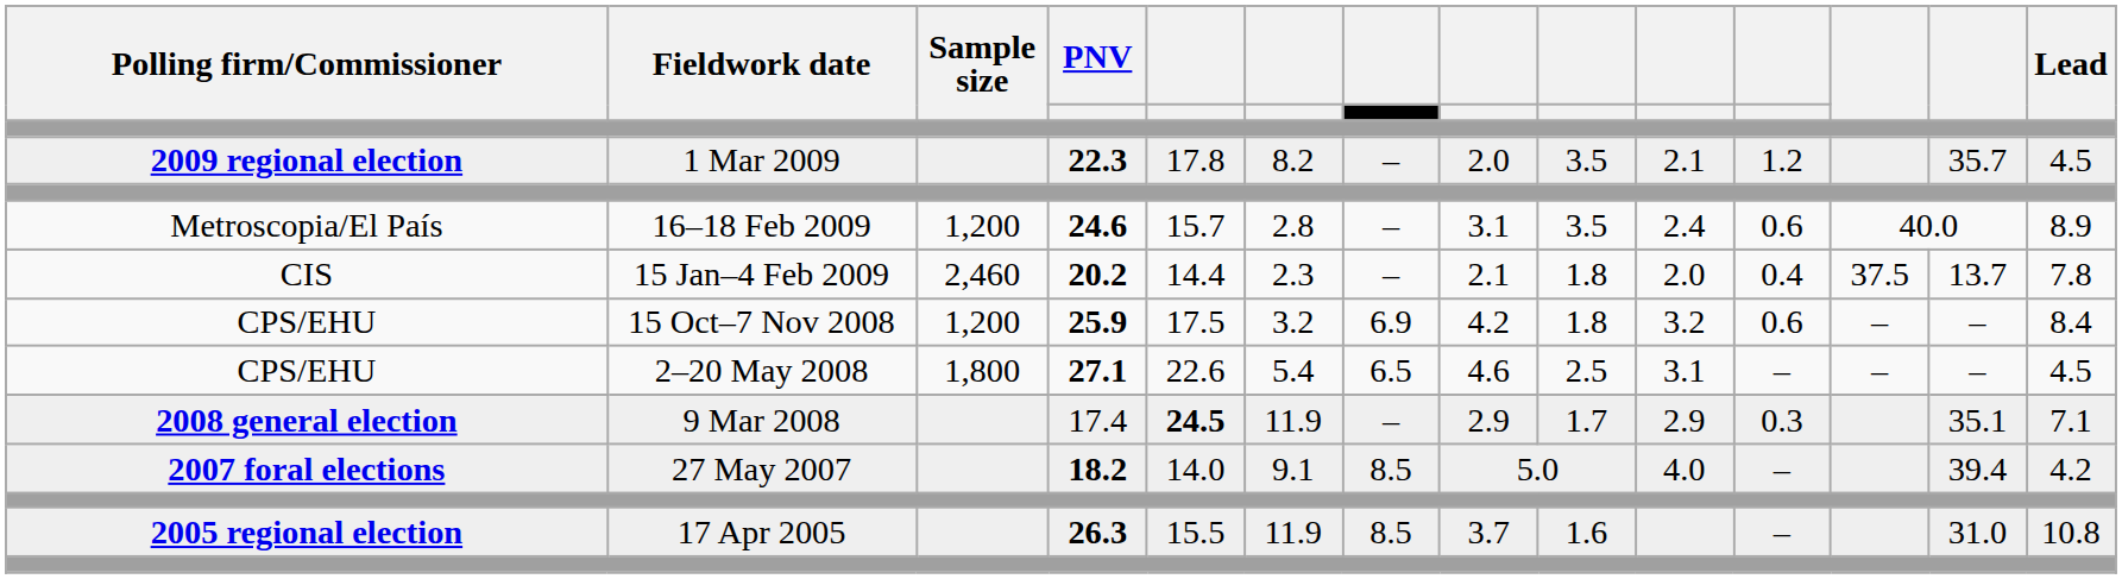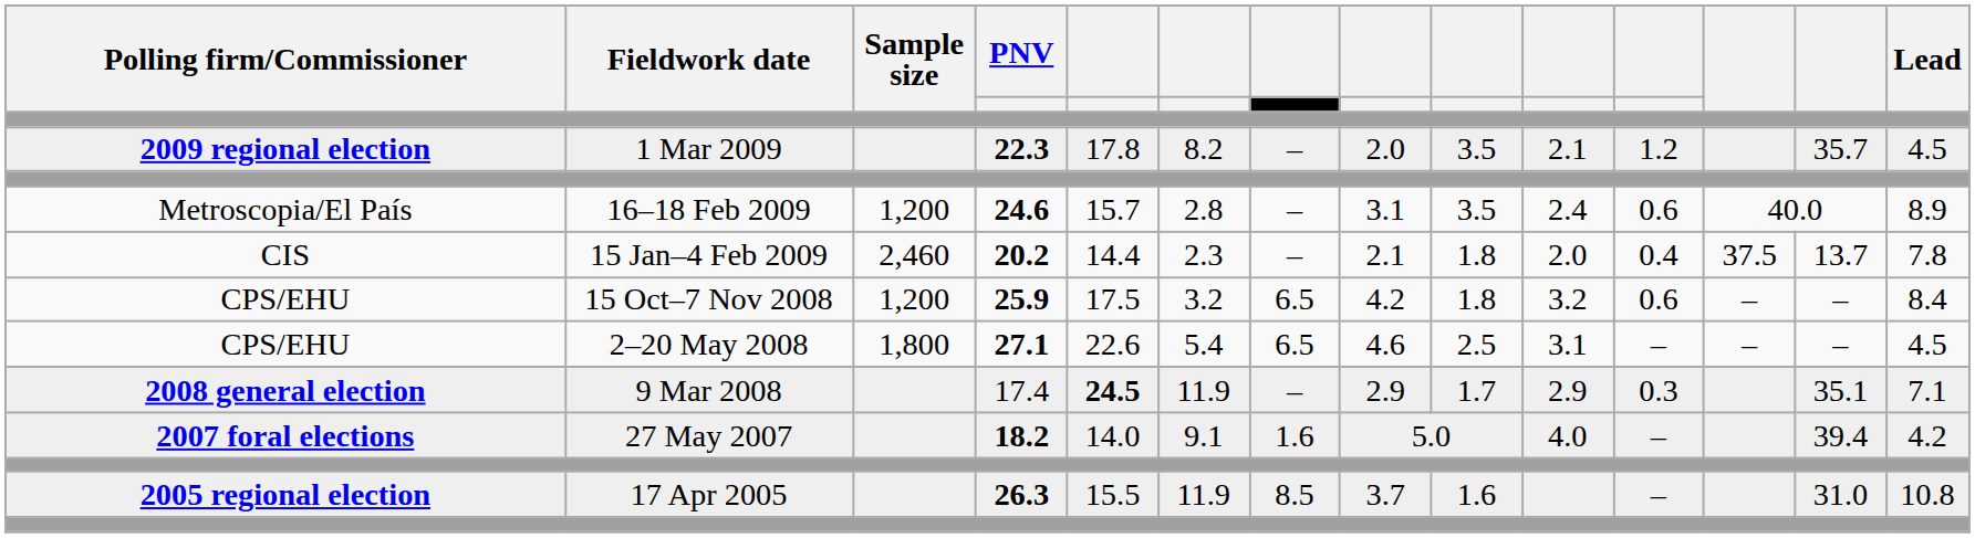 <table class="wikitable collapsible collapsed" style="text-align:center; font-size:90%; line-height:14px;">
 <tr style="height:42px;">
 <th style="width:250px;" rowspan="2">Polling firm/Commissioner</th>
 <th style="width:125px;" rowspan="2">Fieldwork date</th>
 <th style="width:50px;" rowspan="2">Sample size</th>
 <th style="width:35px;"><a href='#'>PNV</a></th>
 <th style="width:35px;"></th>
 <th style="width:35px;"></th>
 <th style="width:35px;"> </th>
 <th style="width:35px;"></th>
 <th style="width:35px;"></th>
 <th style="width:35px;"></th>
 <th style="width:35px;"></th>
 <th style="width:35px;" rowspan="2"></th>
 <th style="width:35px;" rowspan="2"></th>
 <th style="width:30px;" rowspan="2">Lead</th>
 </tr>
 <tr>
 <th style="color:inherit;background:"></th>
 <th style="color:inherit;background:"></th>
 <th style="color:inherit;background:"></th>
 <th style="color:inherit;background:black;"></th>
 <th style="color:inherit;background:"></th>
 <th style="color:inherit;background:"></th>
 <th style="color:inherit;background:"></th>
 <th style="color:inherit;background:"></th>
 </tr>
 <tr>
 <td colspan="14" style="background:#A0A0A0"></td>
 </tr>
 <tr style="background:#EFEFEF;">
 <td><strong><a href='#'>2009 regional election</a></strong></td>
 <td>1 Mar 2009</td>
 <td></td>
 <td><strong>22.3</strong></td>
 <td>17.8</td>
 <td>8.2</td>
 <td>–</td>
 <td>2.0</td>
 <td>3.5</td>
 <td>2.1</td>
 <td>1.2</td>
 <td></td>
 <td>35.7</td>
 <td style="background:">4.5</td>
 </tr>
 <tr>
 <td colspan="14" style="background:#A0A0A0"></td>
 </tr>
 <tr>
 <td>Metroscopia/El País</td>
 <td>16–18 Feb 2009</td>
 <td>1,200</td>
 <td><strong>24.6</strong></td>
 <td>15.7</td>
 <td>2.8</td>
 <td>–</td>
 <td>3.1</td>
 <td>3.5</td>
 <td>2.4</td>
 <td>0.6</td>
 <td colspan="2">40.0</td>
 <td style="background:">8.9</td>
 </tr>
 <tr>
 <td>CIS</td>
 <td>15 Jan–4 Feb 2009</td>
 <td>2,460</td>
 <td><strong>20.2</strong></td>
 <td>14.4</td>
 <td>2.3</td>
 <td>–</td>
 <td>2.1</td>
 <td>1.8</td>
 <td>2.0</td>
 <td>0.4</td>
 <td>37.5</td>
 <td>13.7</td>
 <td style="background:">7.8</td>
 </tr>
 <tr>
 <td>CPS/EHU</td>
 <td>15 Oct–7 Nov 2008</td>
 <td>1,200</td>
 <td><strong>25.9</strong></td>
 <td>17.5</td>
 <td>3.2</td>
-<td>6.9</td>
+<td>6.5</td>
 <td>4.2</td>
 <td>1.8</td>
 <td>3.2</td>
 <td>0.6</td>
 <td>–</td>
 <td>–</td>
 <td style="background:">8.4</td>
 </tr>
 <tr>
 <td>CPS/EHU</td>
 <td>2–20 May 2008</td>
 <td>1,800</td>
 <td><strong>27.1</strong></td>
 <td>22.6</td>
 <td>5.4</td>
 <td>6.5</td>
 <td>4.6</td>
 <td>2.5</td>
 <td>3.1</td>
 <td>–</td>
 <td>–</td>
 <td>–</td>
 <td style="background:">4.5</td>
 </tr>
 <tr style="background:#EFEFEF;">
 <td><strong><a href='#'>2008 general election</a></strong></td>
 <td>9 Mar 2008</td>
 <td></td>
 <td>17.4</td>
 <td><strong>24.5</strong></td>
 <td>11.9</td>
 <td>–</td>
 <td>2.9</td>
 <td>1.7</td>
 <td>2.9</td>
 <td>0.3</td>
 <td></td>
 <td>35.1</td>
 <td style="background:">7.1</td>
 </tr>
 <tr style="background:#EFEFEF;">
 <td><strong><a href='#'>2007 foral elections</a></strong></td>
 <td>27 May 2007</td>
 <td></td>
 <td><strong>18.2</strong></td>
 <td>14.0</td>
 <td>9.1</td>
-<td>8.5</td>
+<td>1.6</td>
 <td colspan="2">5.0</td>
 <td>4.0</td>
 <td>–</td>
 <td></td>
 <td>39.4</td>
 <td style="background:">4.2</td>
 </tr>
 <tr>
 <td colspan="14" style="background:#A0A0A0"></td>
 </tr>
 <tr style="background:#EFEFEF;">
 <td><strong><a href='#'>2005 regional election</a></strong></td>
 <td>17 Apr 2005</td>
 <td></td>
 <td><strong>26.3</strong></td>
 <td>15.5</td>
 <td>11.9</td>
 <td>8.5</td>
 <td>3.7</td>
 <td>1.6</td>
 <td></td>
 <td>–</td>
 <td></td>
 <td>31.0</td>
 <td style="background:">10.8</td>
 </tr>
 <tr>
 <td colspan="14" style="background:#A0A0A0"></td>
 </tr>
 </table>
